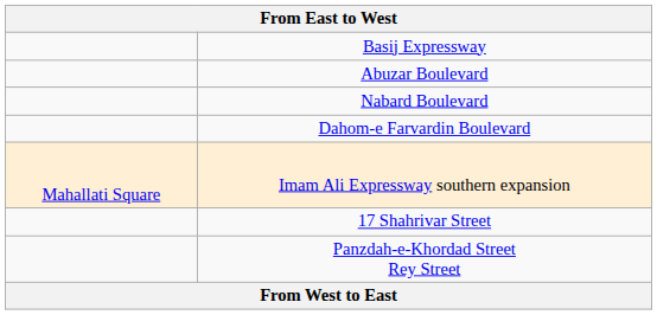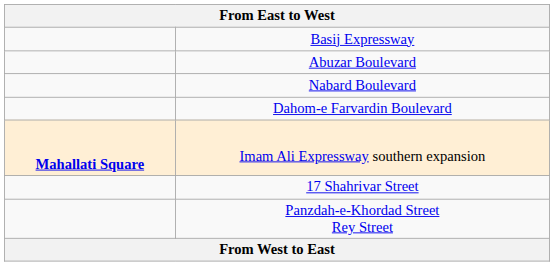 <table class="wikitable" style="text-align:center" width="600px">
 <tr>
 <th text-align="center" colspan="3"> From East to West </th>
 </tr>
 <tr>
 <td><br></td>
 <td> <a href='#'>Basij Expressway</a></td>
 </tr>
 <tr>
 <td></td>
 <td> <a href='#'>Abuzar Boulevard</a></td>
 </tr>
 <tr>
 <td></td>
 <td> <a href='#'>Nabard Boulevard</a></td>
 </tr>
 <tr>
 <td></td>
 <td> <a href='#'>Dahom-e Farvardin Boulevard</a></td>
 </tr>
 <tr>
-<td align="center" bgcolor="#FFEFD5"><br><br><a href='#'>Mahallati Square</a></td>
+<td align="center" bgcolor="#FFEFD5"><strong><br><br><a href='#'>Mahallati Square</a></strong></td>
 <td align="center" bgcolor="#FFEFD5"><br> <a href='#'>Imam Ali Expressway</a> southern expansion</td>
 </tr>
 <tr>
 <td></td>
 <td> <a href='#'>17 Shahrivar Street</a></td>
 </tr>
 <tr [>
 <td><br></td>
 <td> <a href='#'>Panzdah-e-Khordad Street</a><br> <a href='#'>Rey Street</a></td>
 </tr>
 <tr>
 <th text-align="center" colspan="3"> From West to East </th>
 </tr>
 </table>
